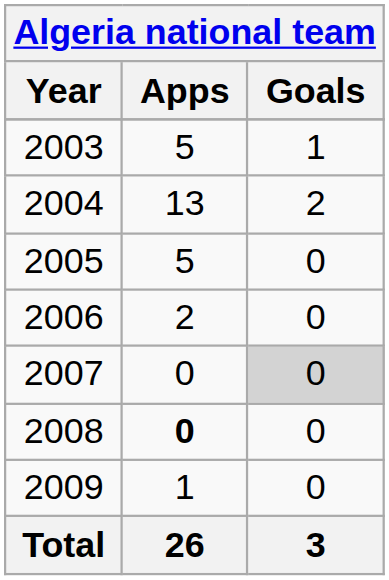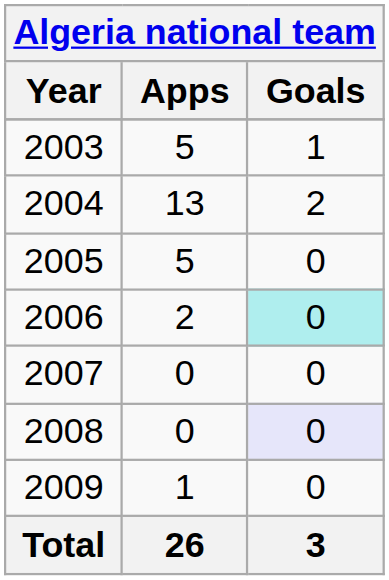 <table class="wikitable" style="text-align:center">
 <tr>
 <th colspan=3><a href='#'>Algeria national team</a></th>
 </tr>
 <tr>
 <th>Year</th>
 <th>Apps</th>
 <th>Goals</th>
 </tr>
 <tr>
 </tr>
 <tr>
 <td>2003</td>
 <td>5</td>
 <td>1</td>
 </tr>
 <tr>
 <td>2004</td>
 <td>13</td>
 <td>2</td>
 </tr>
 <tr>
 <td>2005</td>
 <td>5</td>
 <td>0</td>
 </tr>
 <tr>
 <td>2006</td>
 <td>2</td>
-<td>0</td>
+<td style="background: paleturquoise;">0</td>
 </tr>
 <tr>
 <td>2007</td>
 <td>0</td>
-<td style="background: lightgrey;">0</td>
+<td>0</td>
 </tr>
 <tr>
 <td>2008</td>
-<td><strong>0</strong></td>
 <td>0</td>
+<td style="background: lavender;">0</td>
 </tr>
 <tr>
 <td>2009</td>
 <td>1</td>
 <td>0</td>
 </tr>
 <tr>
 <th>Total</th>
 <th>26</th>
 <th>3</th>
 </tr>
 </table>
